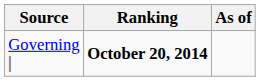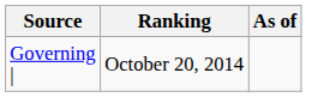 <table class="wikitable" style="text-align:center">
 <tr>
 <th>Source</th>
 <th>Ranking</th>
 <th>As of</th>
 </tr>
 <tr>
 <td align=left><a href='#'>Governing</a><br>| </td>
-<td><strong>October 20, 2014</strong></td>
+<td>October 20, 2014</td>
 </tr>
 </table>
